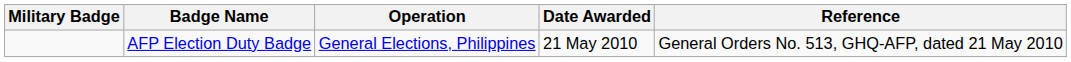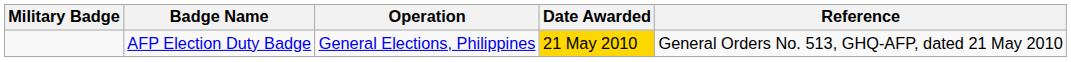 <table class="wikitable">
 <tr>
 <th>Military Badge</th>
 <th>Badge Name</th>
 <th>Operation</th>
 <th>Date Awarded</th>
 <th>Reference</th>
 </tr>
 <tr>
 <td></td>
 <td><a href='#'>AFP Election Duty Badge</a></td>
 <td><a href='#'>General Elections, Philippines</a></td>
-<td>21 May 2010</td>
+<td style="background: gold;">21 May 2010</td>
 <td>General Orders No. 513, GHQ-AFP, dated 21 May 2010</td>
 </tr>
 <tr>
 </tr>
 </table>
